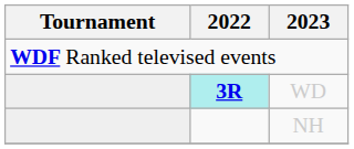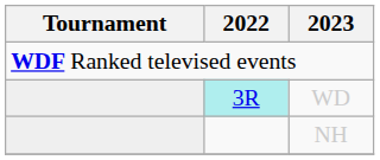 <table class="wikitable" style="width:20%; margin:0">
 <tr>
 <th>Tournament</th>
 <th>2022</th>
 <th>2023</th>
 </tr>
 <tr>
 <td colspan="5" style="text-align:left"><strong><a href='#'>WDF</a> </strong>Ranked televised events</td>
 </tr>
 <tr>
 <td style="background:#efefef;"></td>
-<td style="text-align:center; background:#afeeee;"><strong><a href='#'>3R</a></strong></td>
+<td style="text-align:center; background:#afeeee;"><a href='#'>3R</a></td>
 <td style="text-align:center; color:#ccc;">WD</td>
 </tr>
 <tr>
 <td style="background:#efefef;"></td>
 <td></td>
 <td style="text-align:center; color:#ccc;">NH</td>
 </tr>
 <tr>
 </tr>
 </table>
